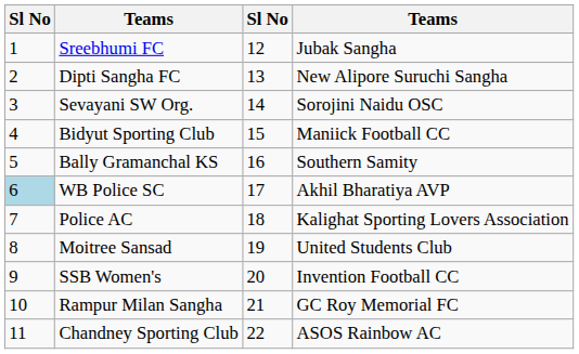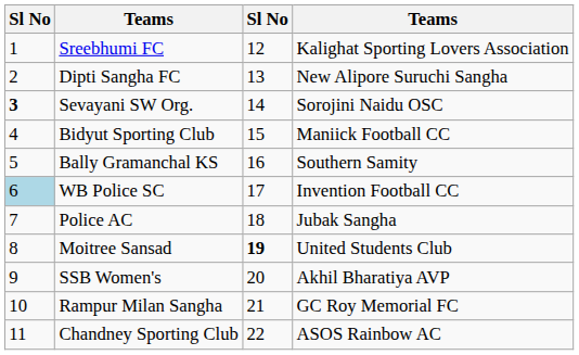 <table class="wikitable">
 <tr>
 <th>Sl No</th>
 <th>Teams</th>
 <th>Sl No</th>
 <th>Teams</th>
 </tr>
 <tr>
 <td>1</td>
 <td><a href='#'>Sreebhumi FC</a></td>
 <td>12</td>
-<td>Jubak Sangha</td>
+<td>Kalighat Sporting Lovers Association</td>
 </tr>
 <tr>
 <td>2</td>
 <td>Dipti Sangha FC</td>
 <td>13</td>
 <td>New Alipore Suruchi Sangha</td>
 </tr>
 <tr>
-<td>3</td>
+<td><strong>3</strong></td>
 <td>Sevayani SW Org.</td>
 <td>14</td>
 <td>Sorojini Naidu OSC</td>
 </tr>
 <tr>
 <td>4</td>
 <td>Bidyut Sporting Club</td>
 <td>15</td>
 <td>Maniick Football CC</td>
 </tr>
 <tr>
 <td>5</td>
 <td>Bally Gramanchal KS</td>
 <td>16</td>
 <td>Southern Samity</td>
 </tr>
 <tr>
 <td style="background: lightblue;">6</td>
 <td>WB Police SC</td>
 <td>17</td>
-<td>Akhil Bharatiya AVP</td>
+<td>Invention Football CC</td>
 </tr>
 <tr>
 <td>7</td>
 <td>Police AC</td>
 <td>18</td>
-<td>Kalighat Sporting Lovers Association</td>
+<td>Jubak Sangha</td>
 </tr>
 <tr>
 <td>8</td>
 <td>Moitree Sansad</td>
-<td>19</td>
+<td><strong>19</strong></td>
 <td>United Students Club</td>
 </tr>
 <tr>
 <td>9</td>
 <td>SSB Women's</td>
 <td>20</td>
-<td>Invention Football CC</td>
+<td>Akhil Bharatiya AVP</td>
 </tr>
 <tr>
 <td>10</td>
 <td>Rampur Milan Sangha</td>
 <td>21</td>
 <td>GC Roy Memorial FC</td>
 </tr>
 <tr>
 <td>11</td>
 <td>Chandney Sporting Club</td>
 <td>22</td>
 <td>ASOS Rainbow AC</td>
 </tr>
 </table>
